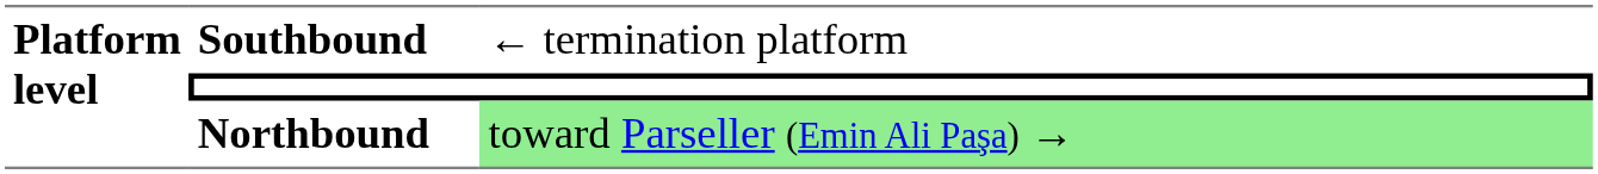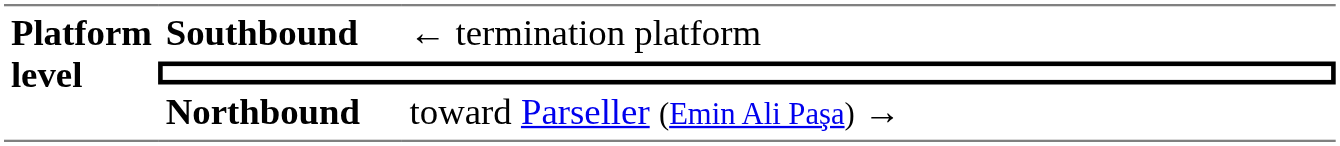 <table cellpadding="3" cellspacing="0" border="0">
 <tr>
 <td rowspan="3" width="50" style="border-top-color: gray; border-bottom-color: gray; border-top-width: 1px; border-bottom-width: 1px; border-top-style: solid; border-bottom-style: solid;" valign="top"><strong>Platform level</strong></td>
 <td width="100" style="border-top-color: gray; border-top-width: 1px; border-top-style: solid;"><strong>Southbound</strong></td>
 <td width="400" style="border-top-color: gray; border-top-width: 1px; border-top-style: solid;">←  termination platform</td>
 </tr>
 <tr>
 <td colspan="2" style="border: 2px solid black; border-image: none; text-align: center;"></td>
 </tr>
 <tr>
 <td style="border-bottom-color: gray; border-bottom-width: 1px; border-bottom-style: solid;"><strong>Northbound</strong></td>
-<td style="background: lightgreen; border-bottom-color: gray; border-bottom-width: 1px; border-bottom-style: solid;"> toward <a href='#'>Parseller</a> <small>(<a href='#'>Emin Ali Paşa</a>)</small> →</td>
+<td style="border-bottom-color: gray; border-bottom-width: 1px; border-bottom-style: solid;"> toward <a href='#'>Parseller</a> <small>(<a href='#'>Emin Ali Paşa</a>)</small> →</td>
 </tr>
 </table>
